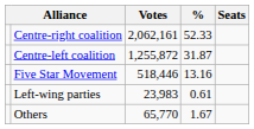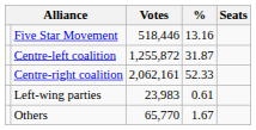 <table class=wikitable style=text-align:right>
 <tr>
 <th colspan=2>Alliance</th>
 <th>Votes</th>
 <th>%</th>
 <th>Seats</th>
 </tr>
 <tr>
 <td style="background-color:"></td>
-<td align=left><a href='#'>Centre-right coalition</a></td>
-<td>2,062,161</td>
-<td>52.33</td>
+<td align=left><a href='#'>Five Star Movement</a></td>
+<td>518,446</td>
+<td>13.16</td>
 <td></td>
 </tr>
 <tr>
 <td style="background-color:"></td>
 <td align=left><a href='#'>Centre-left coalition</a></td>
 <td>1,255,872</td>
 <td>31.87</td>
 <td></td>
 </tr>
 <tr>
 <td style="background-color:"></td>
-<td align=left><a href='#'>Five Star Movement</a></td>
-<td>518,446</td>
-<td>13.16</td>
+<td align=left><a href='#'>Centre-right coalition</a></td>
+<td>2,062,161</td>
+<td>52.33</td>
 <td></td>
 </tr>
 <tr>
 <td style="background-color:"></td>
 <td align=left>Left-wing parties</td>
 <td>23,983</td>
 <td>0.61</td>
 <td></td>
 </tr>
 <tr>
 <td style="background-color:"></td>
 <td align=left>Others</td>
 <td>65,770</td>
 <td>1.67</td>
 <td></td>
 </tr>
 </table>
